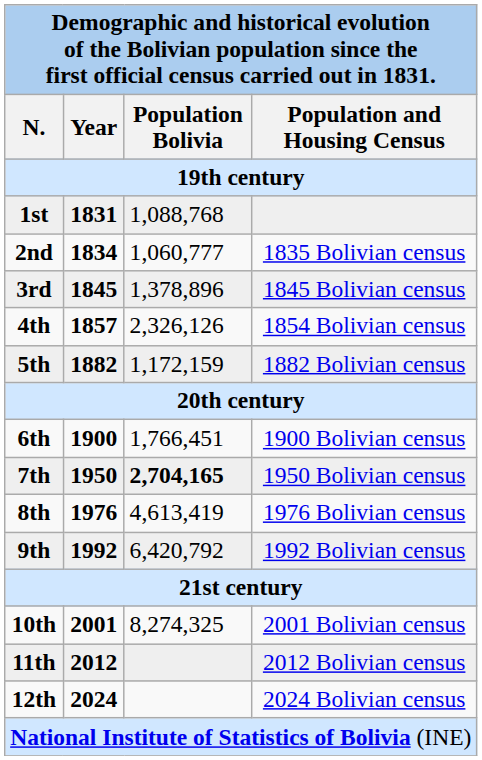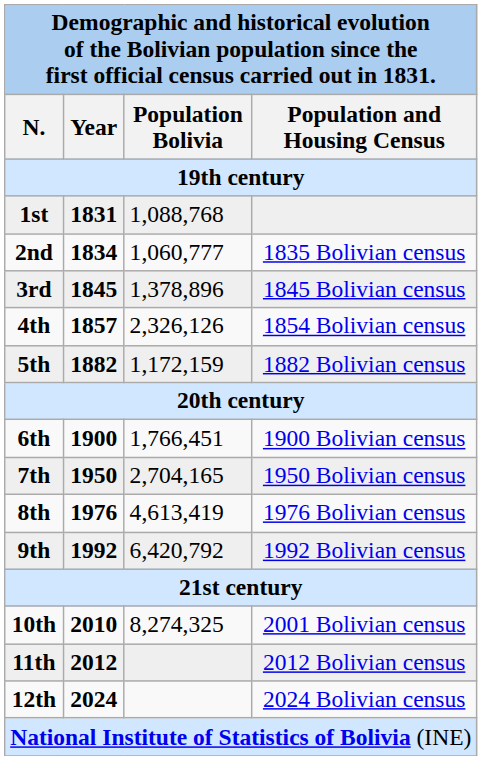 <table class="wikitable">
 <tr>
 <th colspan= "4" style="text-align:center; background:#abcdef;">Demographic and historical evolution <br>of the Bolivian population since the <br> first official census carried out in 1831.</th>
 </tr>
 <tr>
 <th>N.</th>
 <th>Year</th>
 <th>Population<br>Bolivia</th>
 <th>Population and <br> Housing Census</th>
 </tr>
 <tr align="center">
 <td colspan="4" style="background:#D0E7FF"><strong>19th century</strong></td>
 </tr>
 <tr align="center" style="background:#efefef; color:black">
 <td><strong>1st</strong></td>
 <td><strong>1831</strong></td>
 <td align="left"> 1,088,768</td>
 <td></td>
 </tr>
 <tr align="center">
 <td><strong>2nd</strong></td>
 <td><strong>1834</strong></td>
 <td align="left"> 1,060,777</td>
 <td><a href='#'>1835 Bolivian census</a></td>
 </tr>
 <tr align="center" style="background:#efefef; color:black">
 <td><strong>3rd</strong></td>
 <td><strong>1845</strong></td>
 <td align="left"> 1,378,896</td>
 <td><a href='#'>1845 Bolivian census</a></td>
 </tr>
 <tr align="center">
 <td><strong>4th</strong></td>
 <td><strong>1857</strong></td>
 <td align="left"> 2,326,126</td>
 <td><a href='#'>1854 Bolivian census</a></td>
 </tr>
 <tr align="center" style="background:#efefef; color:black">
 <td><strong>5th</strong></td>
 <td><strong>1882</strong></td>
 <td align="left"> 1,172,159</td>
 <td><a href='#'>1882 Bolivian census</a></td>
 </tr>
 <tr align="center">
 <td colspan="4" style="background:#D0E7FF"><strong>20th century</strong></td>
 </tr>
 <tr align="center">
 <td><strong>6th</strong></td>
 <td><strong>1900</strong></td>
 <td align="left"> 1,766,451</td>
 <td><a href='#'>1900 Bolivian census</a></td>
 </tr>
 <tr align="center" style="background:#efefef; color:black">
 <td><strong>7th</strong></td>
 <td><strong>1950</strong></td>
-<td align="left"><strong> 2,704,165</strong></td>
+<td align="left"> 2,704,165</td>
 <td><a href='#'>1950 Bolivian census</a></td>
 </tr>
 <tr align="center">
 <td><strong>8th</strong></td>
 <td><strong>1976</strong></td>
 <td align="left"> 4,613,419</td>
 <td><a href='#'>1976 Bolivian census</a></td>
 </tr>
 <tr align="center" style="background:#efefef; color:black">
 <td><strong>9th</strong></td>
 <td><strong>1992</strong></td>
 <td align="left"> 6,420,792</td>
 <td><a href='#'>1992 Bolivian census</a></td>
 </tr>
 <tr align="center">
 <td colspan="4" style="background:#D0E7FF"><strong>21st century</strong></td>
 </tr>
 <tr align="center">
 <td><strong>10th</strong></td>
-<td><strong>2001</strong></td>
+<td><strong>2010</strong></td>
 <td align="left"> 8,274,325</td>
 <td><a href='#'>2001 Bolivian census</a></td>
 </tr>
 <tr align="center" style="background:#efefef; color:black">
 <td><strong>11th</strong></td>
 <td><strong>2012</strong></td>
 <td align="left"></td>
 <td><a href='#'>2012 Bolivian census</a></td>
 </tr>
 <tr align="center">
 <td><strong>12th</strong></td>
 <td><strong>2024</strong></td>
 <td align="left"></td>
 <td><a href='#'>2024 Bolivian census</a></td>
 </tr>
 <tr align="center">
 <td colspan="4" align="left" style="background:#D0E7FF"><strong><a href='#'>National Institute of Statistics of Bolivia</a></strong> (INE)</td>
 </tr>
 </table>
